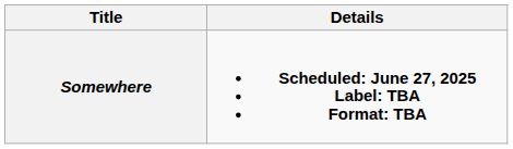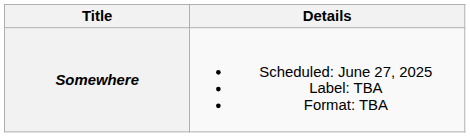 <table class="wikitable plainrowheaders" style="text-align:center">
 <tr>
 <th scope="col" style="width:12em;">Title</th>
 <th scope="col" style="width:18em;">Details</th>
 </tr>
 <tr>
 <th scope="row"><em>Somewhere</em></th>
-<td><strong><br><ul><li>Scheduled: June 27, 2025</li><li>Label: TBA</li><li>Format: TBA</li></ul></strong></td>
+<td><br><ul><li>Scheduled: June 27, 2025</li><li>Label: TBA</li><li>Format: TBA</li></ul></td>
 </tr>
 </table>
